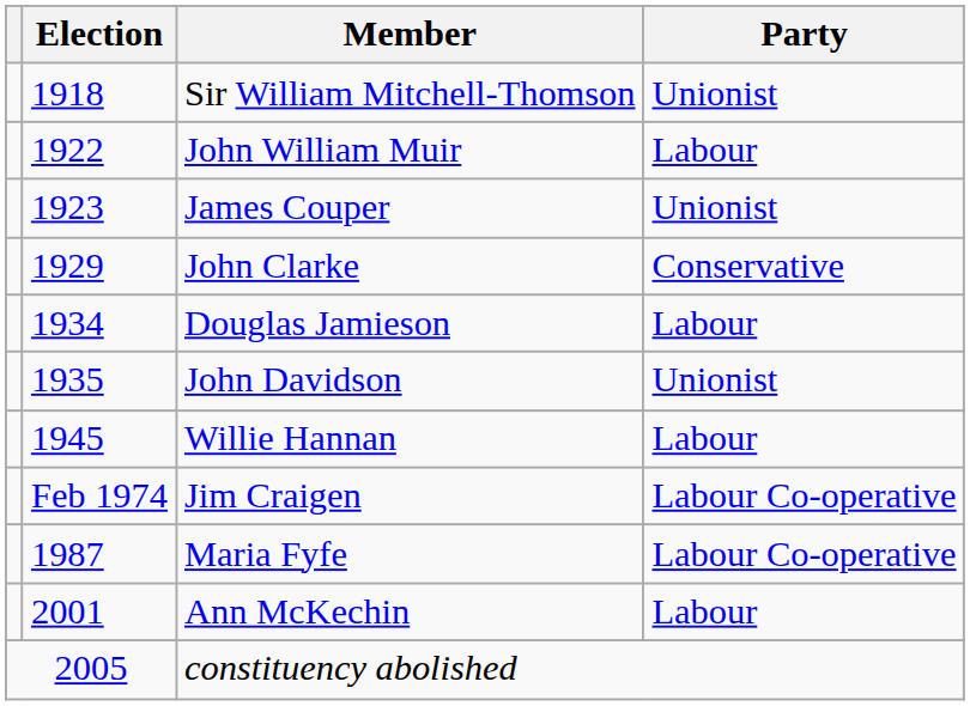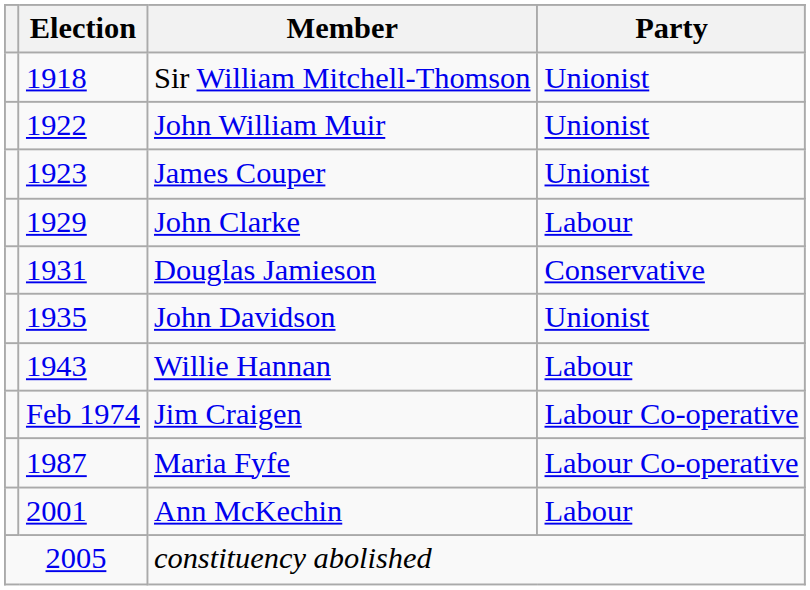 <table class="wikitable">
 <tr>
 <th></th>
 <th>Election</th>
 <th>Member  </th>
 <th>Party</th>
 </tr>
 <tr>
 <td style="color:inherit;background-color: "></td>
 <td><a href='#'>1918</a></td>
 <td>Sir <a href='#'>William Mitchell-Thomson</a></td>
 <td><a href='#'>Unionist</a></td>
 </tr>
 <tr>
 <td style="color:inherit;background-color: "></td>
 <td><a href='#'>1922</a></td>
 <td><a href='#'>John William Muir</a></td>
-<td><a href='#'>Labour</a></td>
+<td><a href='#'>Unionist</a></td>
 </tr>
 <tr>
 <td style="color:inherit;background-color: "></td>
 <td><a href='#'>1923</a></td>
 <td><a href='#'>James Couper</a></td>
 <td><a href='#'>Unionist</a></td>
 </tr>
 <tr>
 <td style="color:inherit;background-color: "></td>
 <td><a href='#'>1929</a></td>
 <td><a href='#'>John Clarke</a></td>
-<td><a href='#'>Conservative</a></td>
+<td><a href='#'>Labour</a></td>
 </tr>
 <tr>
 <td style="color:inherit;background-color: "></td>
-<td><a href='#'>1934</a></td>
+<td><a href='#'>1931</a></td>
 <td><a href='#'>Douglas Jamieson</a></td>
-<td><a href='#'>Labour</a></td>
+<td><a href='#'>Conservative</a></td>
 </tr>
 <tr>
 <td style="color:inherit;background-color: "></td>
 <td><a href='#'>1935</a></td>
 <td><a href='#'>John Davidson</a></td>
 <td><a href='#'>Unionist</a></td>
 </tr>
 <tr>
 <td style="color:inherit;background-color: "></td>
-<td><a href='#'>1945</a></td>
+<td><a href='#'>1943</a></td>
 <td><a href='#'>Willie Hannan</a></td>
 <td><a href='#'>Labour</a></td>
 </tr>
 <tr>
 <td style="color:inherit;background-color: "></td>
 <td><a href='#'>Feb 1974</a></td>
 <td><a href='#'>Jim Craigen</a></td>
 <td><a href='#'>Labour Co-operative</a></td>
 </tr>
 <tr>
 <td style="color:inherit;background-color: "></td>
 <td><a href='#'>1987</a></td>
 <td><a href='#'>Maria Fyfe</a></td>
 <td><a href='#'>Labour Co-operative</a></td>
 </tr>
 <tr>
 <td style="color:inherit;background-color: "></td>
 <td><a href='#'>2001</a></td>
 <td><a href='#'>Ann McKechin</a></td>
 <td><a href='#'>Labour</a></td>
 </tr>
 <tr>
 <td colspan="2" align="center"><a href='#'>2005</a></td>
 <td colspan="2"><em>constituency abolished</em></td>
 </tr>
 </table>
